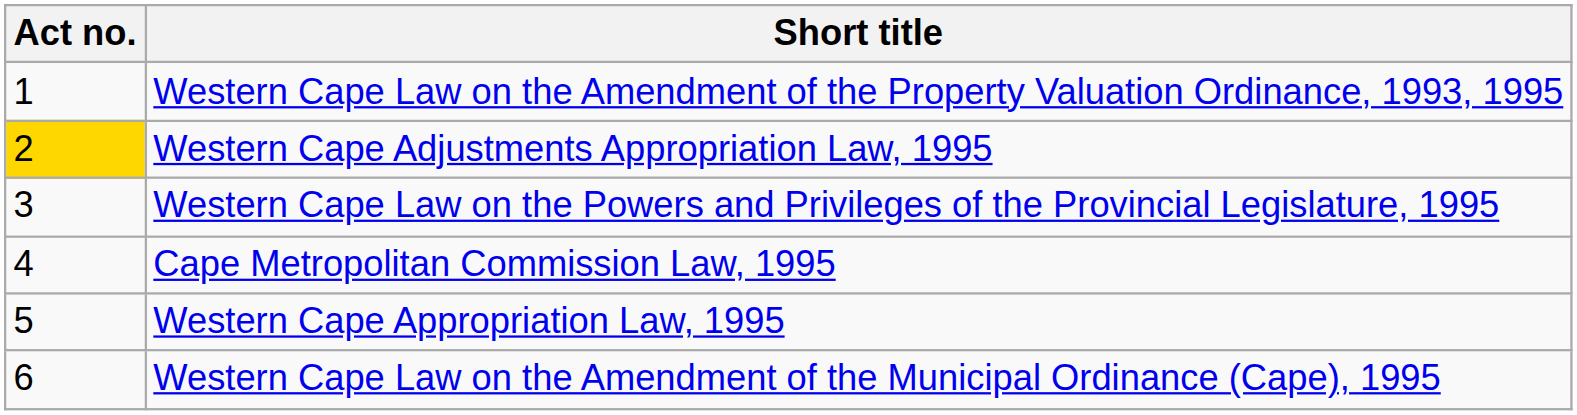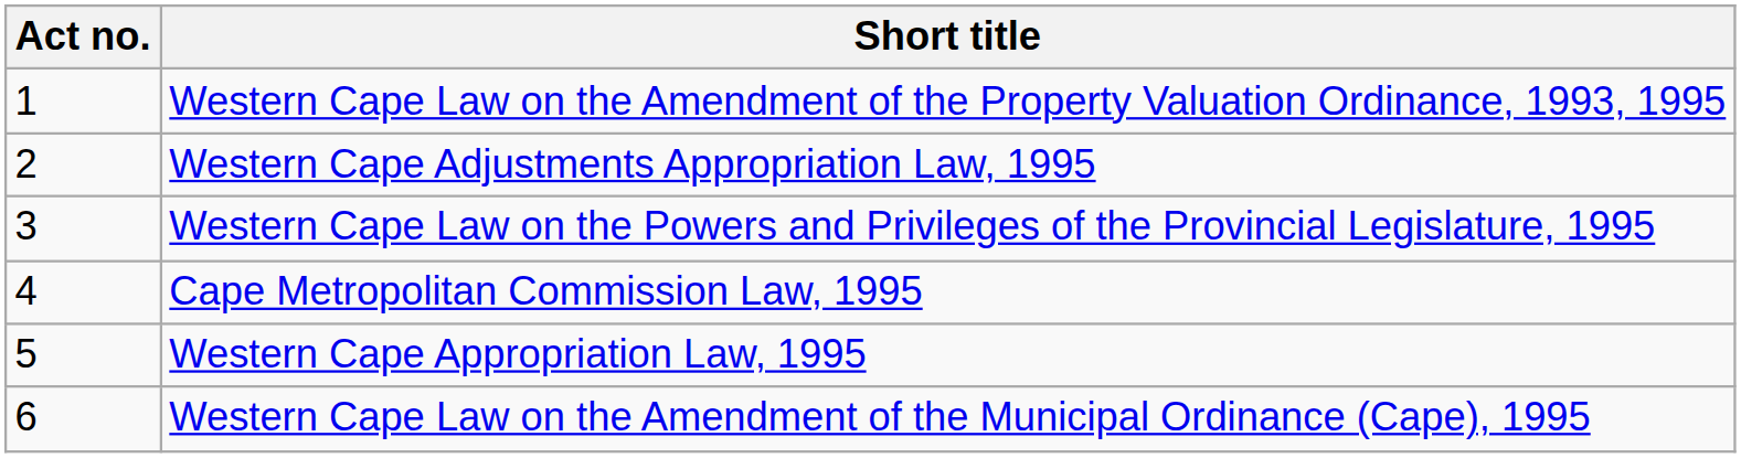 <table class="wikitable">
 <tr>
 <th>Act no.</th>
 <th>Short title</th>
 </tr>
 <tr>
 <td>1</td>
 <td><a href='#'>Western Cape Law on the Amendment of the Property Valuation Ordinance, 1993, 1995</a></td>
 </tr>
 <tr>
-<td style="background: gold;">2</td>
+<td>2</td>
 <td><a href='#'>Western Cape Adjustments Appropriation Law, 1995</a></td>
 </tr>
 <tr>
 <td>3</td>
 <td><a href='#'>Western Cape Law on the Powers and Privileges of the Provincial Legislature, 1995</a></td>
 </tr>
 <tr>
 <td>4</td>
 <td><a href='#'>Cape Metropolitan Commission Law, 1995</a></td>
 </tr>
 <tr>
 <td>5</td>
 <td><a href='#'>Western Cape Appropriation Law, 1995</a></td>
 </tr>
 <tr>
 <td>6</td>
 <td><a href='#'>Western Cape Law on the Amendment of the Municipal Ordinance (Cape), 1995</a></td>
 </tr>
 </table>
